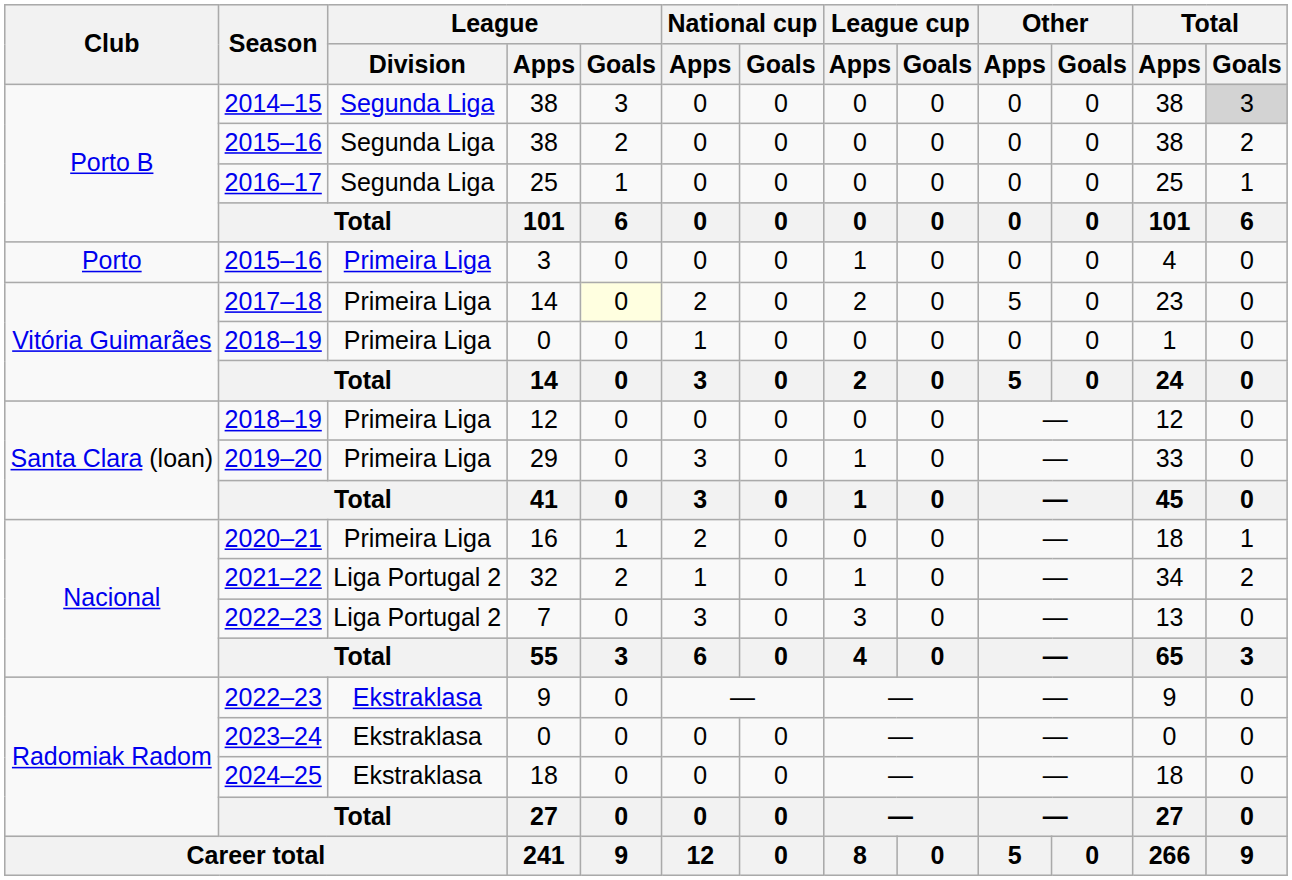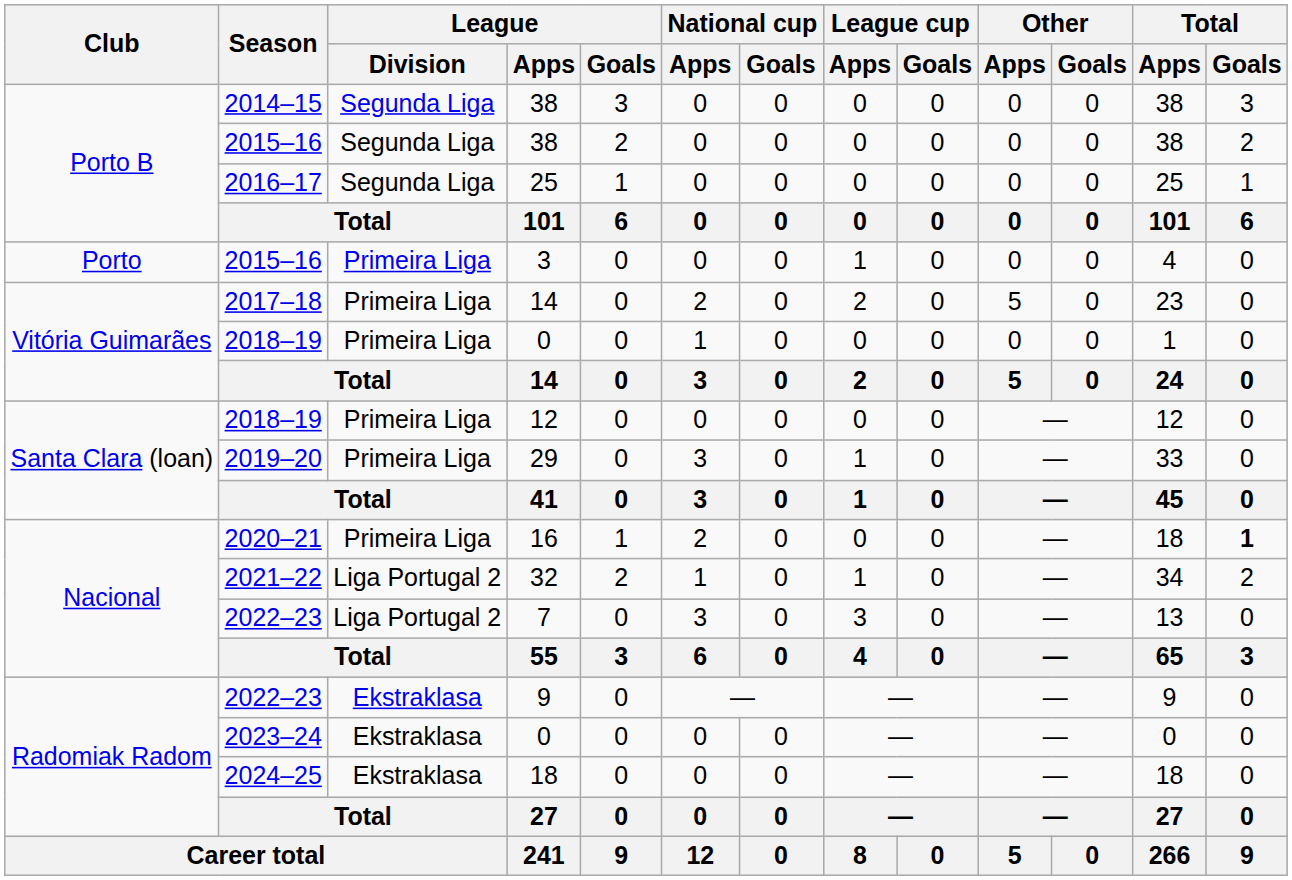 <table class="wikitable" style="text-align: center">
 <tr>
 <th rowspan="2">Club</th>
 <th rowspan="2">Season</th>
 <th colspan="3">League</th>
 <th colspan="2">National cup</th>
 <th colspan="2">League cup</th>
 <th colspan="2">Other</th>
 <th colspan="2">Total</th>
 </tr>
 <tr>
 <th>Division</th>
 <th>Apps</th>
 <th>Goals</th>
 <th>Apps</th>
 <th>Goals</th>
 <th>Apps</th>
 <th>Goals</th>
 <th>Apps</th>
 <th>Goals</th>
 <th>Apps</th>
 <th>Goals</th>
 </tr>
 <tr>
 <td rowspan="4"><a href='#'>Porto B</a></td>
 <td><a href='#'>2014–15</a></td>
 <td><a href='#'>Segunda Liga</a></td>
 <td>38</td>
 <td>3</td>
 <td>0</td>
 <td>0</td>
 <td>0</td>
 <td>0</td>
 <td>0</td>
 <td>0</td>
 <td>38</td>
-<td style="background: lightgrey;">3</td>
+<td>3</td>
 </tr>
 <tr>
 <td><a href='#'>2015–16</a></td>
 <td>Segunda Liga</td>
 <td>38</td>
 <td>2</td>
 <td>0</td>
 <td>0</td>
 <td>0</td>
 <td>0</td>
 <td>0</td>
 <td>0</td>
 <td>38</td>
 <td>2</td>
 </tr>
 <tr>
 <td><a href='#'>2016–17</a></td>
 <td>Segunda Liga</td>
 <td>25</td>
 <td>1</td>
 <td>0</td>
 <td>0</td>
 <td>0</td>
 <td>0</td>
 <td>0</td>
 <td>0</td>
 <td>25</td>
 <td>1</td>
 </tr>
 <tr>
 <th colspan="2">Total</th>
 <th>101</th>
 <th>6</th>
 <th>0</th>
 <th>0</th>
 <th>0</th>
 <th>0</th>
 <th>0</th>
 <th>0</th>
 <th>101</th>
 <th>6</th>
 </tr>
 <tr>
 <td><a href='#'>Porto</a></td>
 <td><a href='#'>2015–16</a></td>
 <td><a href='#'>Primeira Liga</a></td>
 <td>3</td>
 <td>0</td>
 <td>0</td>
 <td>0</td>
 <td>1</td>
 <td>0</td>
 <td>0</td>
 <td>0</td>
 <td>4</td>
 <td>0</td>
 </tr>
 <tr>
 <td rowspan="3"><a href='#'>Vitória Guimarães</a></td>
 <td><a href='#'>2017–18</a></td>
 <td>Primeira Liga</td>
 <td>14</td>
-<td style="background: lightyellow;">0</td>
+<td>0</td>
 <td>2</td>
 <td>0</td>
 <td>2</td>
 <td>0</td>
 <td>5</td>
 <td>0</td>
 <td>23</td>
 <td>0</td>
 </tr>
 <tr>
 <td><a href='#'>2018–19</a></td>
 <td>Primeira Liga</td>
 <td>0</td>
 <td>0</td>
 <td>1</td>
 <td>0</td>
 <td>0</td>
 <td>0</td>
 <td>0</td>
 <td>0</td>
 <td>1</td>
 <td>0</td>
 </tr>
 <tr>
 <th colspan="2">Total</th>
 <th>14</th>
 <th>0</th>
 <th>3</th>
 <th>0</th>
 <th>2</th>
 <th>0</th>
 <th>5</th>
 <th>0</th>
 <th>24</th>
 <th>0</th>
 </tr>
 <tr>
 <td rowspan="3"><a href='#'>Santa Clara</a> (loan)</td>
 <td><a href='#'>2018–19</a></td>
 <td>Primeira Liga</td>
 <td>12</td>
 <td>0</td>
 <td>0</td>
 <td>0</td>
 <td>0</td>
 <td>0</td>
 <td colspan="2">—</td>
 <td>12</td>
 <td>0</td>
 </tr>
 <tr>
 <td><a href='#'>2019–20</a></td>
 <td>Primeira Liga</td>
 <td>29</td>
 <td>0</td>
 <td>3</td>
 <td>0</td>
 <td>1</td>
 <td>0</td>
 <td colspan="2">—</td>
 <td>33</td>
 <td>0</td>
 </tr>
 <tr>
 <th colspan="2">Total</th>
 <th>41</th>
 <th>0</th>
 <th>3</th>
 <th>0</th>
 <th>1</th>
 <th>0</th>
 <th colspan="2">—</th>
 <th>45</th>
 <th>0</th>
 </tr>
 <tr>
 <td rowspan="4"><a href='#'>Nacional</a></td>
 <td><a href='#'>2020–21</a></td>
 <td>Primeira Liga</td>
 <td>16</td>
 <td>1</td>
 <td>2</td>
 <td>0</td>
 <td>0</td>
 <td>0</td>
 <td colspan="2">—</td>
 <td>18</td>
-<td>1</td>
+<td><strong>1</strong></td>
 </tr>
 <tr>
 <td><a href='#'>2021–22</a></td>
 <td>Liga Portugal 2</td>
 <td>32</td>
 <td>2</td>
 <td>1</td>
 <td>0</td>
 <td>1</td>
 <td>0</td>
 <td colspan="2">—</td>
 <td>34</td>
 <td>2</td>
 </tr>
 <tr>
 <td><a href='#'>2022–23</a></td>
 <td>Liga Portugal 2</td>
 <td>7</td>
 <td>0</td>
 <td>3</td>
 <td>0</td>
 <td>3</td>
 <td>0</td>
 <td colspan="2">—</td>
 <td>13</td>
 <td>0</td>
 </tr>
 <tr>
 <th colspan="2">Total</th>
 <th>55</th>
 <th>3</th>
 <th>6</th>
 <th>0</th>
 <th>4</th>
 <th>0</th>
 <th colspan="2">—</th>
 <th>65</th>
 <th>3</th>
 </tr>
 <tr>
 <td rowspan="4"><a href='#'>Radomiak Radom</a></td>
 <td><a href='#'>2022–23</a></td>
 <td><a href='#'>Ekstraklasa</a></td>
 <td>9</td>
 <td>0</td>
 <td colspan="2">—</td>
 <td colspan="2">—</td>
 <td colspan="2">—</td>
 <td>9</td>
 <td>0</td>
 </tr>
 <tr>
 <td><a href='#'>2023–24</a></td>
 <td>Ekstraklasa</td>
 <td>0</td>
 <td>0</td>
 <td>0</td>
 <td>0</td>
 <td colspan="2">—</td>
 <td colspan="2">—</td>
 <td>0</td>
 <td>0</td>
 </tr>
 <tr>
 <td><a href='#'>2024–25</a></td>
 <td>Ekstraklasa</td>
 <td>18</td>
 <td>0</td>
 <td>0</td>
 <td>0</td>
 <td colspan="2">—</td>
 <td colspan="2">—</td>
 <td>18</td>
 <td>0</td>
 </tr>
 <tr>
 <th colspan="2">Total</th>
 <th>27</th>
 <th>0</th>
 <th>0</th>
 <th>0</th>
 <th colspan="2">—</th>
 <th colspan="2">—</th>
 <th>27</th>
 <th>0</th>
 </tr>
 <tr>
 <th colspan="3">Career total</th>
 <th>241</th>
 <th>9</th>
 <th>12</th>
 <th>0</th>
 <th>8</th>
 <th>0</th>
 <th>5</th>
 <th>0</th>
 <th>266</th>
 <th>9</th>
 </tr>
 </table>
